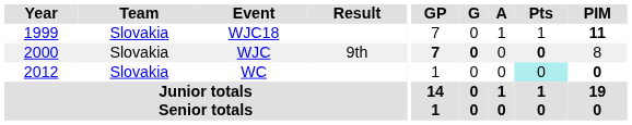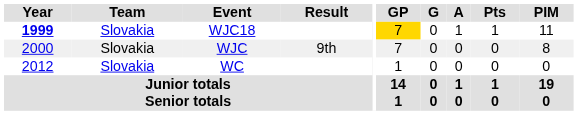 <table border="0" cellpadding="1" cellspacing="0" ID="Table3" style="text-align:center; width:40em">
 <tr ALIGN="center" bgcolor="#e0e0e0">
 <th>Year</th>
 <th>Team</th>
 <th>Event</th>
 <th>Result</th>
 <th rowspan="99" bgcolor="#ffffff"></th>
 <th>GP</th>
 <th>G</th>
 <th>A</th>
 <th>Pts</th>
 <th>PIM</th>
 </tr>
 <tr>
-<td><a href='#'>1999</a></td>
+<td><strong><a href='#'>1999</a></strong></td>
 <td><a href='#'>Slovakia</a></td>
 <td><a href='#'>WJC18</a></td>
 <td></td>
-<td>7</td>
+<td style="background: gold;">7</td>
 <td>0</td>
 <td>1</td>
 <td>1</td>
-<td><strong>11</strong></td>
+<td>11</td>
 </tr>
 <tr bgcolor="#f0f0f0">
 <td><a href='#'>2000</a></td>
 <td>Slovakia</td>
 <td><a href='#'>WJC</a></td>
 <td>9th</td>
-<td><strong>7</strong></td>
-<td><strong>0</strong></td>
+<td>7</td>
 <td>0</td>
-<td><strong>0</strong></td>
+<td>0</td>
+<td>0</td>
 <td>8</td>
 </tr>
 <tr>
 <td><a href='#'>2012</a></td>
 <td><a href='#'>Slovakia</a></td>
 <td><a href='#'>WC</a></td>
 <td></td>
 <td>1</td>
 <td>0</td>
 <td>0</td>
-<td style="background: paleturquoise;">0</td>
-<td><strong>0</strong></td>
+<td>0</td>
+<td>0</td>
 </tr>
 <tr bgcolor="#e0e0e0">
 <th colspan="4">Junior totals</th>
 <th>14</th>
 <th>0</th>
 <th>1</th>
 <th>1</th>
 <th>19</th>
 </tr>
 <tr bgcolor="#e0e0e0">
 <th colspan="4">Senior totals</th>
 <th>1</th>
 <th>0</th>
 <th>0</th>
 <th>0</th>
 <th>0</th>
 </tr>
 </table>
